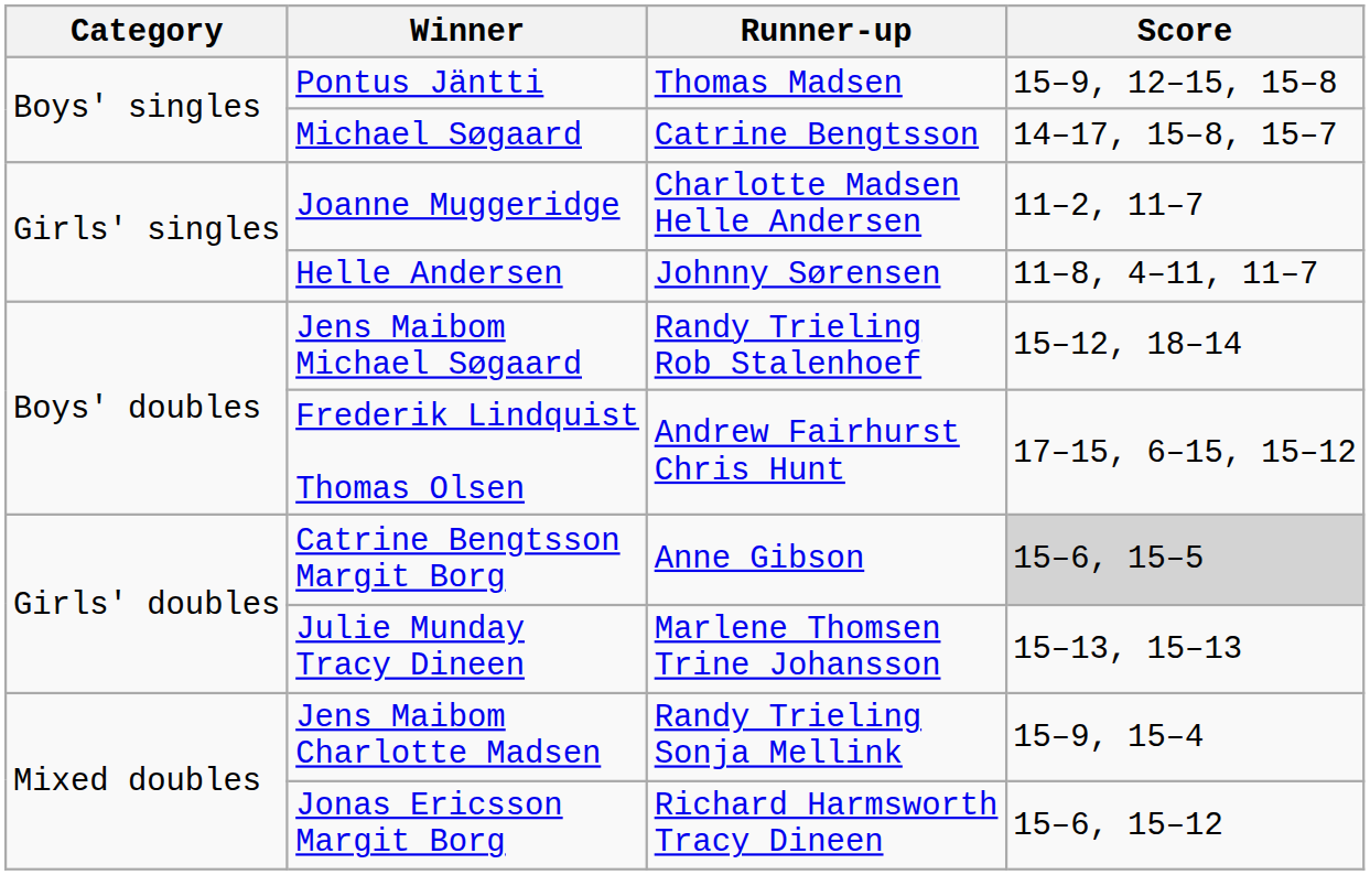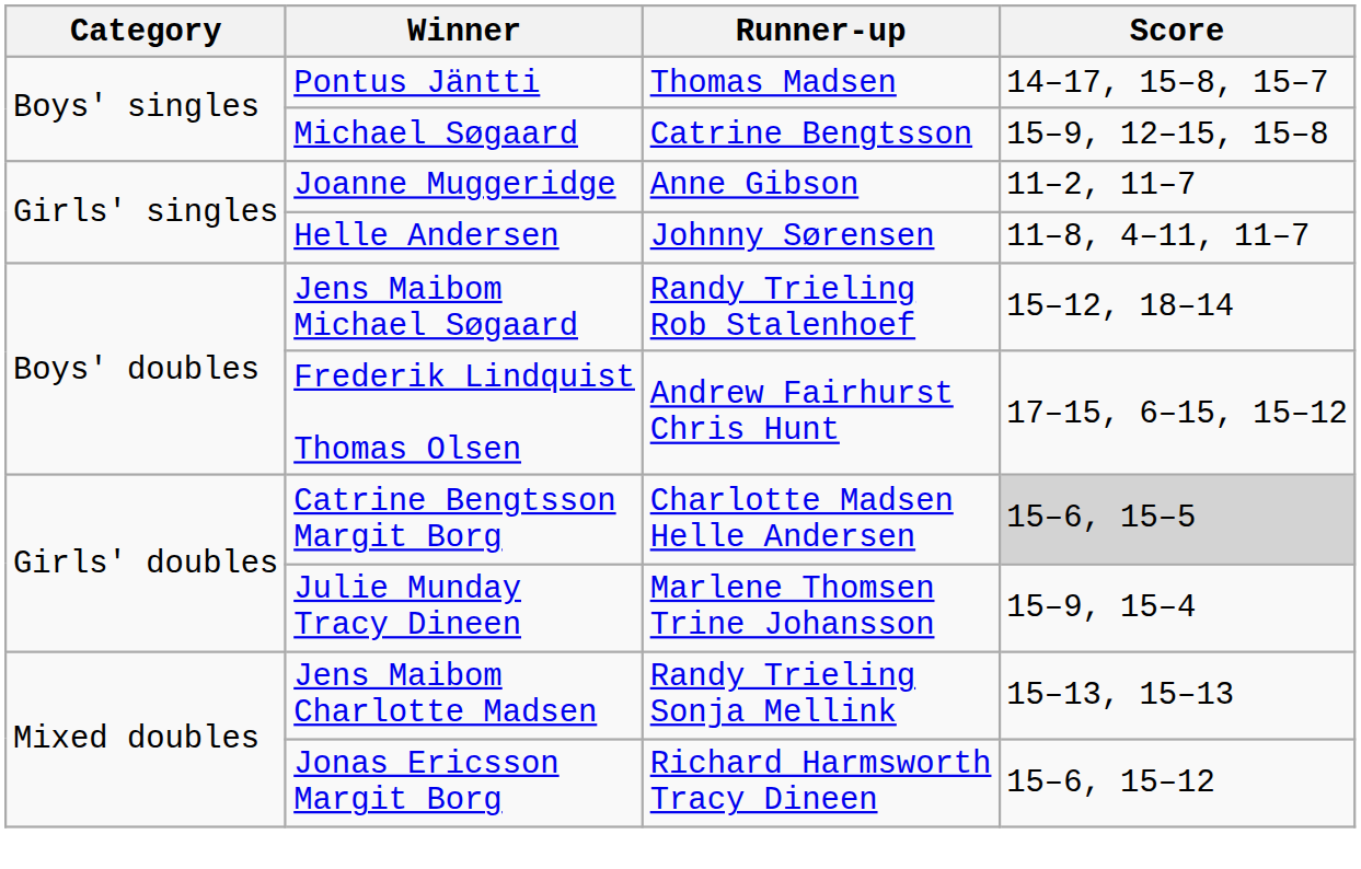 <table class="wikitable">
 <tr>
 <th>Category</th>
 <th>Winner</th>
 <th>Runner-up</th>
 <th>Score</th>
 </tr>
 <tr>
 <td rowspan=2>Boys' singles</td>
 <td> <a href='#'>Pontus Jäntti</a></td>
 <td> <a href='#'>Thomas Madsen</a></td>
-<td>15–9, 12–15, 15–8</td>
+<td>14–17, 15–8, 15–7</td>
 </tr>
 <tr>
 <td> <a href='#'>Michael Søgaard</a></td>
 <td> <a href='#'>Catrine Bengtsson</a></td>
-<td>14–17, 15–8, 15–7</td>
+<td>15–9, 12–15, 15–8</td>
 </tr>
 <tr>
 <td rowspan=2>Girls' singles</td>
 <td> <a href='#'>Joanne Muggeridge</a></td>
-<td> <a href='#'>Charlotte Madsen</a><br> <a href='#'>Helle Andersen</a></td>
+<td> <a href='#'>Anne Gibson</a></td>
 <td>11–2, 11–7</td>
 </tr>
 <tr>
 <td> <a href='#'>Helle Andersen</a></td>
 <td> <a href='#'>Johnny Sørensen</a></td>
 <td>11–8, 4–11, 11–7</td>
 </tr>
 <tr>
 <td rowspan=2>Boys' doubles</td>
 <td> <a href='#'>Jens Maibom</a><br> <a href='#'>Michael Søgaard</a></td>
 <td> <a href='#'>Randy Trieling</a><br> <a href='#'>Rob Stalenhoef</a></td>
 <td>15–12, 18–14</td>
 </tr>
 <tr>
 <td> <a href='#'>Frederik Lindquist</a><br><br> <a href='#'>Thomas Olsen</a></td>
 <td> <a href='#'>Andrew Fairhurst</a><br> <a href='#'>Chris Hunt</a></td>
 <td>17–15, 6–15, 15–12</td>
 </tr>
 <tr>
 <td rowspan=2>Girls' doubles</td>
 <td> <a href='#'>Catrine Bengtsson</a><br> <a href='#'>Margit Borg</a></td>
-<td> <a href='#'>Anne Gibson</a></td>
+<td> <a href='#'>Charlotte Madsen</a><br> <a href='#'>Helle Andersen</a></td>
 <td style="background: lightgrey;">15–6, 15–5</td>
 </tr>
 <tr>
 <td> <a href='#'>Julie Munday</a><br>  <a href='#'>Tracy Dineen</a></td>
 <td> <a href='#'>Marlene Thomsen</a><br> <a href='#'>Trine Johansson</a></td>
-<td>15–13, 15–13</td>
+<td>15–9, 15–4</td>
 </tr>
 <tr>
 <td rowspan=2>Mixed doubles</td>
 <td> <a href='#'>Jens Maibom</a><br> <a href='#'>Charlotte Madsen</a></td>
 <td> <a href='#'>Randy Trieling</a><br> <a href='#'>Sonja Mellink</a></td>
-<td>15–9, 15–4</td>
+<td>15–13, 15–13</td>
 </tr>
 <tr>
 <td> <a href='#'>Jonas Ericsson</a><br> <a href='#'>Margit Borg</a></td>
 <td> <a href='#'>Richard Harmsworth</a><br> <a href='#'>Tracy Dineen</a></td>
 <td>15–6, 15–12</td>
 </tr>
 </table>
